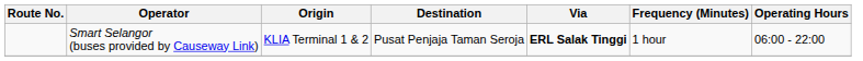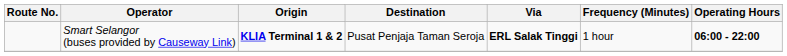 <table class="wikitable">
 <tr>
 <th>Route No.</th>
 <th>Operator</th>
 <th>Origin</th>
 <th>Destination</th>
 <th>Via</th>
 <th>Frequency (Minutes)</th>
 <th>Operating Hours</th>
 </tr>
 <tr>
 <td></td>
 <td><em>Smart Selangor</em> <br>(buses provided by <a href='#'>Causeway Link</a>)</td>
-<td><a href='#'>KLIA</a> Terminal 1 & 2</td>
+<td><strong><a href='#'>KLIA</a> Terminal 1 & 2</strong></td>
 <td>Pusat Penjaja Taman Seroja</td>
 <td> <strong>ERL Salak Tinggi</strong></td>
 <td>1 hour</td>
-<td>06:00 - 22:00</td>
+<td><strong>06:00 - 22:00</strong></td>
 </tr>
 <tr>
 </tr>
 </table>
